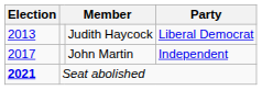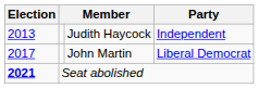 <table class="wikitable">
 <tr>
 <th>Election</th>
 <th colspan="2">Member</th>
 <th>Party</th>
 </tr>
 <tr>
 <td><a href='#'>2013</a></td>
 <td rowspan="1" style="background-color: "></td>
 <td rowspan="1">Judith Haycock</td>
-<td rowspan="1"><a href='#'>Liberal Democrat</a></td>
+<td rowspan="1"><a href='#'>Independent</a></td>
 </tr>
 <tr>
 <td><a href='#'>2017</a></td>
 <td rowspan="1" style="background-color: "></td>
 <td rowspan="1">John Martin</td>
-<td rowspan="1"><a href='#'>Independent</a></td>
+<td rowspan="1"><a href='#'>Liberal Democrat</a></td>
 </tr>
 <tr>
 <td><strong><a href='#'>2021</a></strong></td>
 <td colspan="3"><em>Seat abolished</em></td>
 </tr>
 </table>
